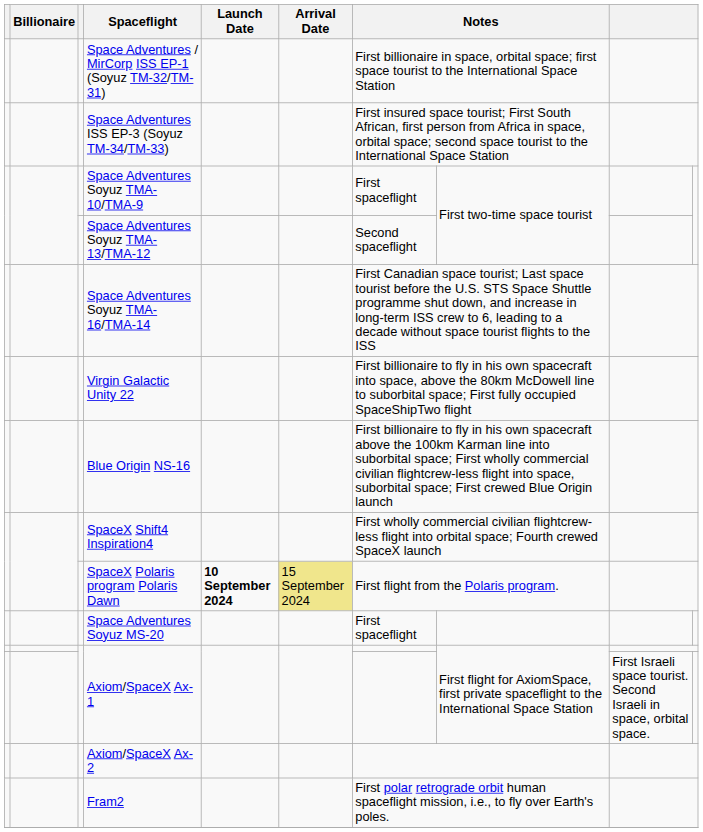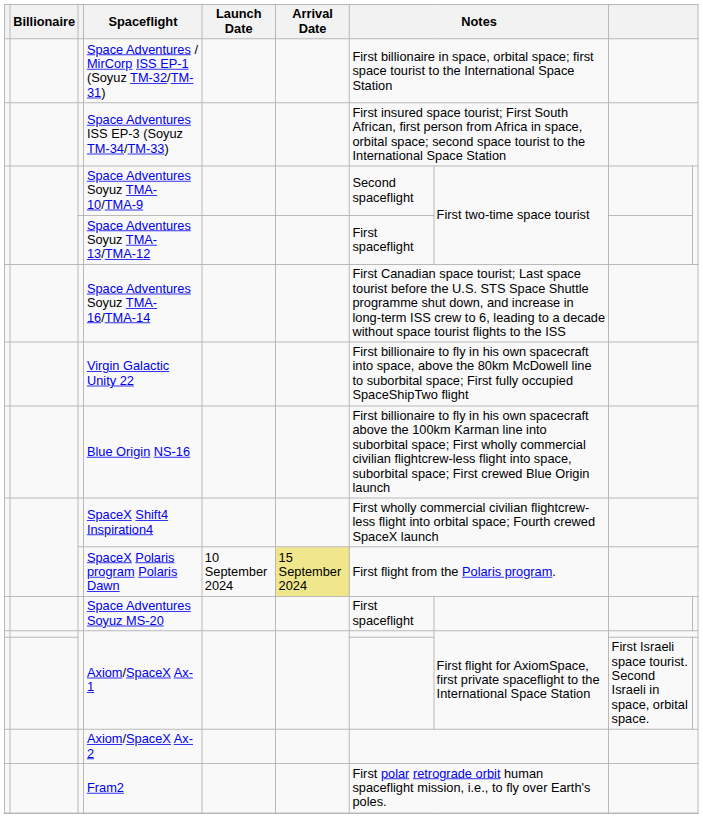 <table class="wikitable sortable sticky-header">
 <tr>
 <th class=unsortable></th>
 <th>Billionaire</th>
 <th class=unsortable></th>
 <th>Spaceflight</th>
 <th>Launch Date</th>
 <th>Arrival Date</th>
 <th class=unsortable colspan=2>Notes</th>
 <th class=unsortable colspan=2></th>
 </tr>
 <tr>
 <td></td>
 <td></td>
 <td></td>
 <td><a href='#'>Space Adventures</a> / <a href='#'>MirCorp</a> <a href='#'>ISS EP-1</a> (Soyuz <a href='#'>TM-32</a>/<a href='#'>TM-31</a>)</td>
 <td></td>
 <td></td>
 <td colspan=2>First billionaire in space, orbital space; first space tourist to the International Space Station</td>
 <td colspan=2></td>
 </tr>
 <tr>
 <td></td>
 <td></td>
 <td></td>
 <td><a href='#'>Space Adventures</a> ISS EP-3 (Soyuz <a href='#'>TM-34</a>/<a href='#'>TM-33</a>)</td>
 <td></td>
 <td></td>
 <td colspan=2>First insured space tourist; First South African, first person from Africa in space, orbital space; second space tourist to the International Space Station</td>
 <td colspan=2></td>
 </tr>
 <tr>
 <td rowspan=2></td>
 <td rowspan=2></td>
 <td></td>
 <td><a href='#'>Space Adventures</a> Soyuz <a href='#'>TMA-10</a>/<a href='#'>TMA-9</a></td>
 <td></td>
 <td></td>
-<td>First spaceflight</td>
+<td>Second spaceflight</td>
 <td rowspan=2>First two-time space tourist</td>
 <td></td>
 <td rowspan=2></td>
 </tr>
 <tr>
 <td></td>
 <td><a href='#'>Space Adventures</a> Soyuz <a href='#'>TMA-13</a>/<a href='#'>TMA-12</a></td>
 <td></td>
 <td></td>
-<td>Second spaceflight</td>
+<td>First spaceflight</td>
 <td></td>
 </tr>
 <tr>
 <td></td>
 <td></td>
 <td></td>
 <td><a href='#'>Space Adventures</a> Soyuz <a href='#'>TMA-16</a>/<a href='#'>TMA-14</a></td>
 <td></td>
 <td></td>
 <td colspan=2>First Canadian space tourist; Last space tourist before the U.S. STS Space Shuttle programme shut down, and increase in long-term ISS crew to 6, leading to a decade without space tourist flights to the ISS</td>
 <td colspan=2></td>
 </tr>
 <tr>
 <td></td>
 <td></td>
 <td></td>
 <td><a href='#'>Virgin Galactic</a> <a href='#'>Unity 22</a></td>
 <td></td>
 <td></td>
 <td colspan=2>First billionaire to fly in his own spacecraft into space, above the 80km McDowell line to suborbital space; First fully occupied SpaceShipTwo flight</td>
 <td colspan=2></td>
 </tr>
 <tr>
 <td></td>
 <td></td>
 <td></td>
 <td><a href='#'>Blue Origin</a> <a href='#'>NS-16</a></td>
 <td></td>
 <td></td>
 <td colspan=2>First billionaire to fly in his own spacecraft above the 100km Karman line into suborbital space; First wholly commercial civilian flightcrew-less flight into space, suborbital space; First crewed Blue Origin launch</td>
 <td colspan=2></td>
 </tr>
 <tr>
 <td rowspan=2></td>
 <td rowspan=2></td>
 <td></td>
 <td><a href='#'>SpaceX</a> <a href='#'>Shift4</a> <a href='#'>Inspiration4</a></td>
 <td></td>
 <td></td>
 <td colspan=2>First wholly commercial civilian flightcrew-less flight into orbital space; Fourth crewed SpaceX launch</td>
 <td colspan=2></td>
 </tr>
 <tr>
 <td></td>
 <td><a href='#'>SpaceX</a> <a href='#'>Polaris program</a> <a href='#'>Polaris Dawn</a></td>
-<td><strong>10 September 2024</strong></td>
+<td>10 September 2024</td>
 <td style="background: khaki;">15 September 2024</td>
 <td colspan=2>First flight from the <a href='#'>Polaris program</a>.</td>
 <td colspan=2></td>
 </tr>
 <tr>
 <td></td>
 <td></td>
 <td></td>
 <td><a href='#'>Space Adventures</a> <a href='#'>Soyuz MS-20</a></td>
 <td></td>
 <td></td>
 <td>First spaceflight</td>
 <td></td>
 <td></td>
 <td></td>
 </tr>
 <tr>
 <td></td>
 <td></td>
 <td rowspan=2></td>
 <td rowspan=2><a href='#'>Axiom</a>/<a href='#'>SpaceX</a> <a href='#'>Ax-1</a></td>
 <td rowspan=2></td>
 <td rowspan=2></td>
 <td></td>
 <td rowspan=2>First flight for AxiomSpace, first private spaceflight to the International Space Station</td>
 <td colspan=2></td>
 </tr>
 <tr>
 <td></td>
 <td></td>
 <td></td>
 <td>First Israeli space tourist. Second Israeli in space, orbital space.</td>
 <td colspan=2></td>
 </tr>
 <tr>
 <td></td>
 <td></td>
 <td></td>
 <td><a href='#'>Axiom</a>/<a href='#'>SpaceX</a> <a href='#'>Ax-2</a></td>
 <td></td>
 <td></td>
 <td colspan=2></td>
 <td colspan=2></td>
 </tr>
 <tr>
 <td></td>
 <td></td>
 <td></td>
 <td><a href='#'>Fram2</a></td>
 <td></td>
 <td></td>
 <td colspan=2>First <a href='#'>polar</a> <a href='#'>retrograde orbit</a> human spaceflight mission, i.e., to fly over Earth's poles.</td>
 <td colspan=2></td>
 </tr>
 <tr>
 </tr>
 </table>
